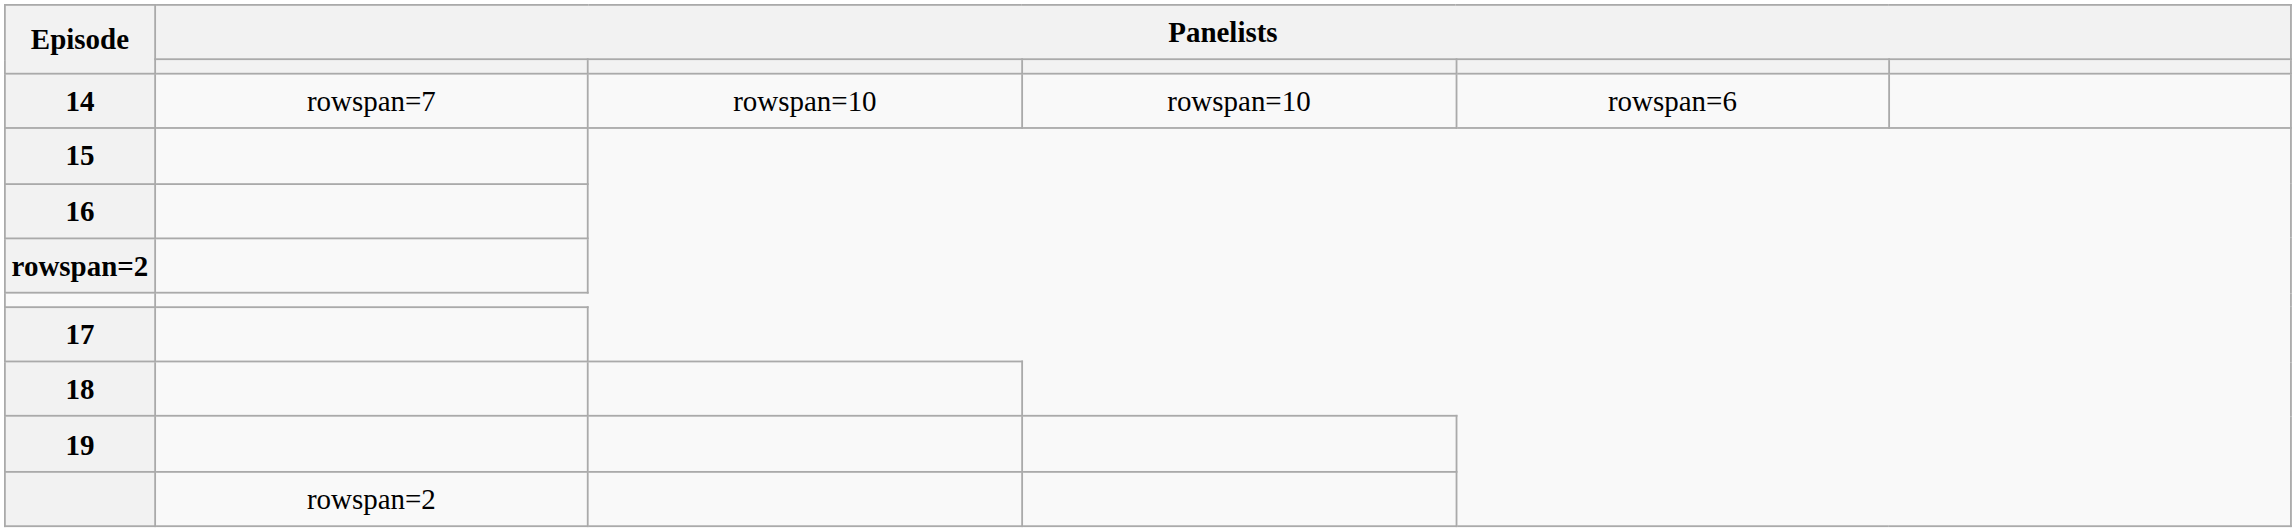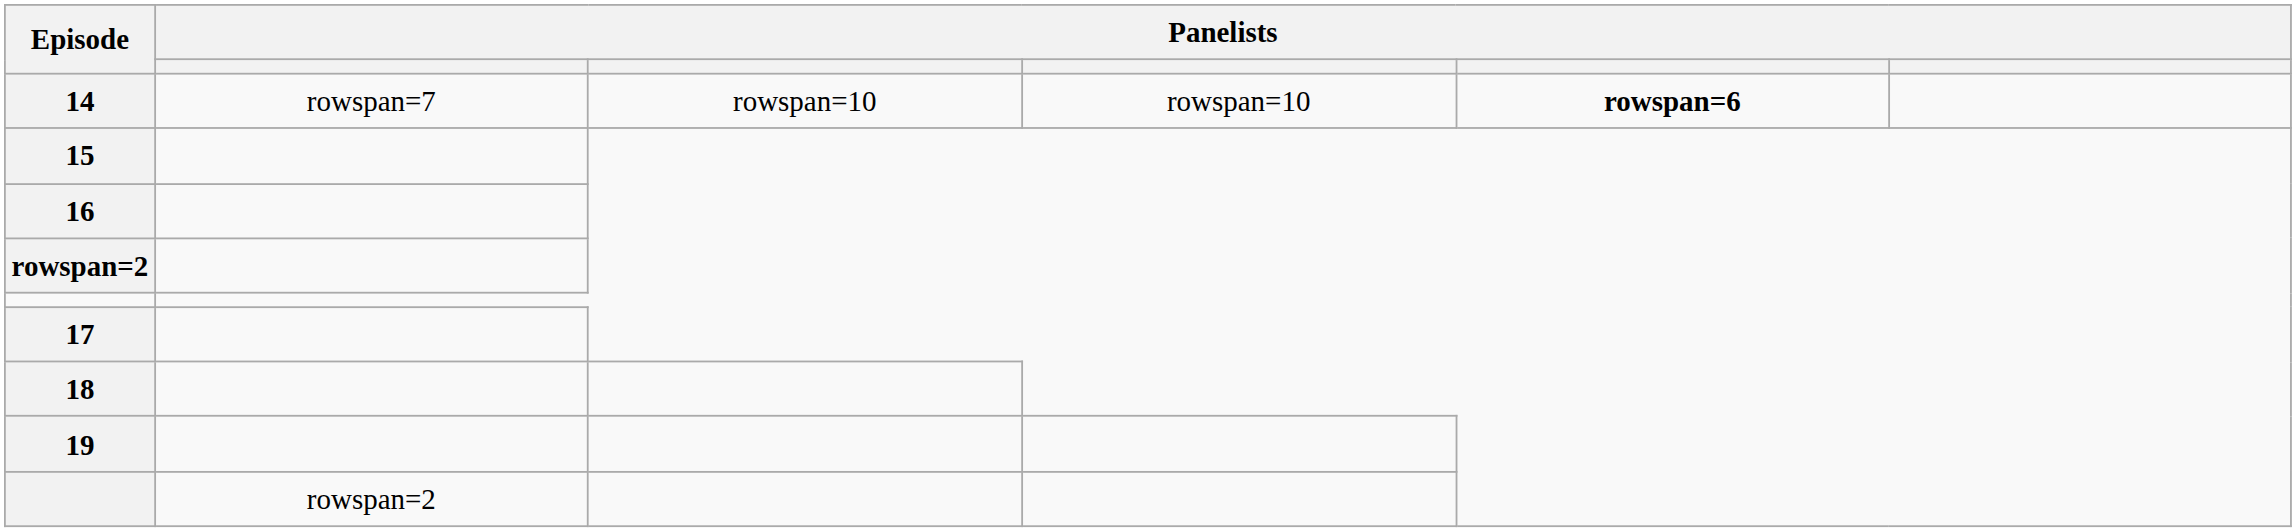 <table class="wikitable plainrowheaders mw-collapsible" style="text-align:center; line-height:23px; width:100%;">
 <tr>
 <th rowspan="2" width="1%">Episode</th>
 <th colspan="6">Panelists</th>
 </tr>
 <tr>
 <th width="20%"></th>
 <th width="20%"></th>
 <th width="20%"></th>
 <th width="20%"></th>
 <th width="20%"></th>
 </tr>
 <tr>
 <th>14</th>
 <td>rowspan=7 </td>
 <td>rowspan=10 </td>
 <td>rowspan=10 </td>
-<td>rowspan=6 </td>
+<td><strong>rowspan=6 </strong></td>
 <td></td>
 </tr>
 <tr>
 <th>15</th>
 <td></td>
 </tr>
 <tr>
 <th>16</th>
 <td></td>
 </tr>
 <tr>
 <th>rowspan=2 </th>
 <td></td>
 </tr>
 <tr>
 <td></td>
 </tr>
 <tr>
 <th>17</th>
 <td></td>
 </tr>
 <tr>
 <th>18</th>
 <td></td>
 <td></td>
 </tr>
 <tr>
 <th>19</th>
 <td></td>
 <td></td>
 <td></td>
 </tr>
 <tr>
 <th></th>
 <td>rowspan=2 </td>
 <td></td>
 <td></td>
 </tr>
 </table>
